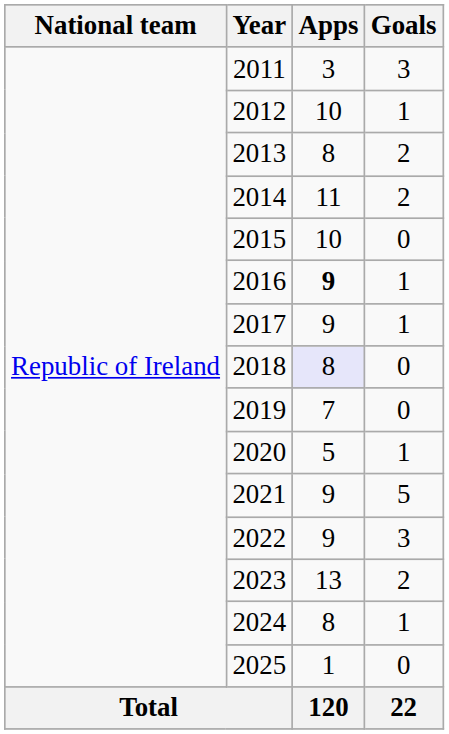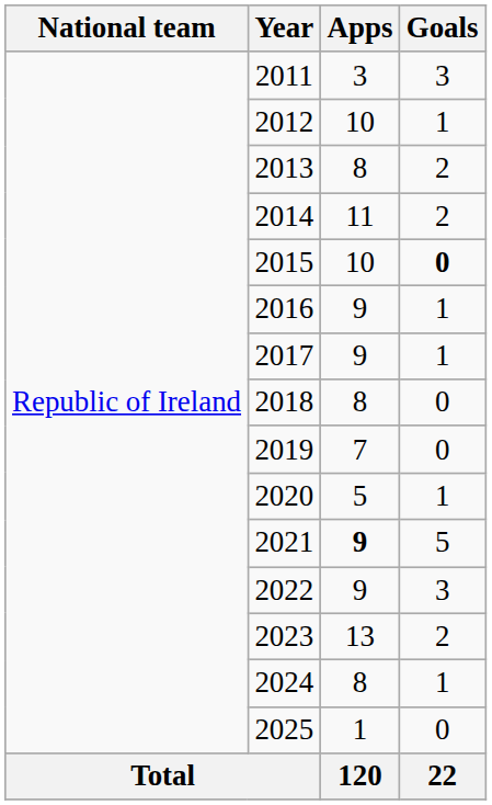 <table class="sortable wikitable" style="text-align:center">
 <tr>
 <th scope="col">National team</th>
 <th scope="col">Year</th>
 <th !scope="col">Apps</th>
 <th !scope="col">Goals</th>
 </tr>
 <tr>
 <td rowspan="15"><a href='#'>Republic of Ireland</a></td>
 <td scope="row">2011</td>
 <td>3</td>
 <td>3</td>
 </tr>
 <tr>
 <td scope="row">2012</td>
 <td>10</td>
 <td>1</td>
 </tr>
 <tr>
 <td scope="row">2013</td>
 <td>8</td>
 <td>2</td>
 </tr>
 <tr>
 <td scope="row">2014</td>
 <td>11</td>
 <td>2</td>
 </tr>
 <tr>
 <td scope="row">2015</td>
 <td>10</td>
-<td>0</td>
+<td><strong>0</strong></td>
 </tr>
 <tr>
 <td scope="row">2016</td>
-<td><strong>9</strong></td>
+<td>9</td>
 <td>1</td>
 </tr>
 <tr>
 <td scope="row">2017</td>
 <td>9</td>
 <td>1</td>
 </tr>
 <tr>
 <td scope="row">2018</td>
-<td style="background: lavender;">8</td>
+<td>8</td>
 <td>0</td>
 </tr>
 <tr>
 <td scope="row">2019</td>
 <td>7</td>
 <td>0</td>
 </tr>
 <tr>
 <td scope="row">2020</td>
 <td>5</td>
 <td>1</td>
 </tr>
 <tr>
 <td scope="row">2021</td>
-<td>9</td>
+<td><strong>9</strong></td>
 <td>5</td>
 </tr>
 <tr>
 <td scope="row">2022</td>
 <td>9</td>
 <td>3</td>
 </tr>
 <tr>
 <td scope="row">2023</td>
 <td>13</td>
 <td>2</td>
 </tr>
 <tr>
 <td>2024</td>
 <td>8</td>
 <td>1</td>
 </tr>
 <tr>
 <td>2025</td>
 <td>1</td>
 <td>0</td>
 </tr>
 <tr>
 <th colspan="2">Total</th>
 <th>120</th>
 <th>22</th>
 </tr>
 </table>
